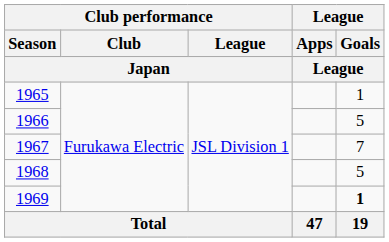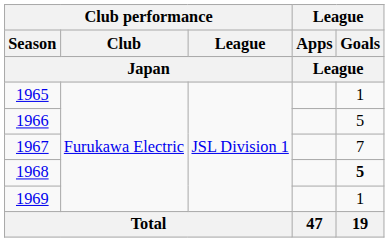 <table class="wikitable" style="text-align:center;">
 <tr>
 <th colspan=3>Club performance</th>
 <th colspan=2>League</th>
 </tr>
 <tr>
 <th>Season</th>
 <th>Club</th>
 <th>League</th>
 <th>Apps</th>
 <th>Goals</th>
 </tr>
 <tr>
 <th colspan=3>Japan</th>
 <th colspan=2>League</th>
 </tr>
 <tr>
 <td><a href='#'>1965</a></td>
 <td rowspan="5"><a href='#'>Furukawa Electric</a></td>
 <td rowspan="5"><a href='#'>JSL Division 1</a></td>
 <td></td>
 <td>1</td>
 </tr>
 <tr>
 <td><a href='#'>1966</a></td>
 <td></td>
 <td>5</td>
 </tr>
 <tr>
 <td><a href='#'>1967</a></td>
 <td></td>
 <td>7</td>
 </tr>
 <tr>
 <td><a href='#'>1968</a></td>
 <td></td>
-<td>5</td>
+<td><strong>5</strong></td>
 </tr>
 <tr>
 <td><a href='#'>1969</a></td>
 <td></td>
-<td><strong>1</strong></td>
+<td>1</td>
 </tr>
 <tr>
 <th colspan=3>Total</th>
 <th>47</th>
 <th>19</th>
 </tr>
 </table>
